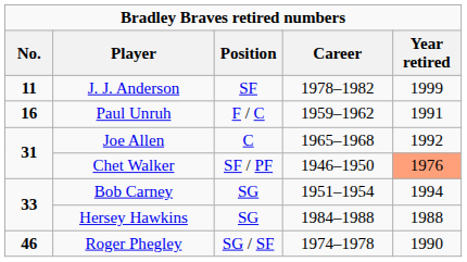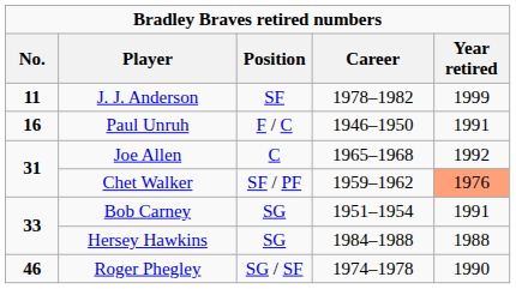 <table class="wikitable sortable" style="text-align:center">
 <tr>
 <td colspan="5"><strong>Bradley Braves retired numbers</strong></td>
 </tr>
 <tr>
 <th style="width:40px; ">No.</th>
 <th style="width:150px; ">Player</th>
 <th style="width:60px; ">Position</th>
 <th style="width:100px; ">Career</th>
 <th style="width:60px; ">Year retired</th>
 </tr>
 <tr>
 <td><strong>11</strong></td>
 <td><a href='#'>J. J. Anderson</a></td>
 <td><a href='#'>SF</a></td>
 <td>1978–1982</td>
 <td>1999</td>
 </tr>
 <tr>
 <td><strong>16</strong></td>
 <td><a href='#'>Paul Unruh</a></td>
 <td><a href='#'>F</a> / <a href='#'>C</a></td>
-<td>1959–1962</td>
+<td>1946–1950</td>
 <td>1991</td>
 </tr>
 <tr>
 <td rowspan=2><strong>31</strong></td>
 <td><a href='#'>Joe Allen</a></td>
 <td><a href='#'>C</a></td>
 <td>1965–1968</td>
 <td>1992</td>
 </tr>
 <tr>
 <td><a href='#'>Chet Walker</a></td>
 <td><a href='#'>SF</a> / <a href='#'>PF</a></td>
-<td>1946–1950</td>
+<td>1959–1962</td>
 <td style="background: lightsalmon;">1976</td>
 </tr>
 <tr>
 <td rowspan=2><strong>33</strong></td>
 <td><a href='#'>Bob Carney</a></td>
 <td><a href='#'>SG</a></td>
 <td>1951–1954</td>
-<td>1994</td>
+<td>1991</td>
 </tr>
 <tr>
 <td><a href='#'>Hersey Hawkins</a></td>
 <td><a href='#'>SG</a></td>
 <td>1984–1988</td>
 <td>1988</td>
 </tr>
 <tr>
 <td><strong>46</strong></td>
 <td><a href='#'>Roger Phegley</a></td>
 <td><a href='#'>SG</a> / <a href='#'>SF</a></td>
 <td>1974–1978</td>
 <td>1990</td>
 </tr>
 </table>
